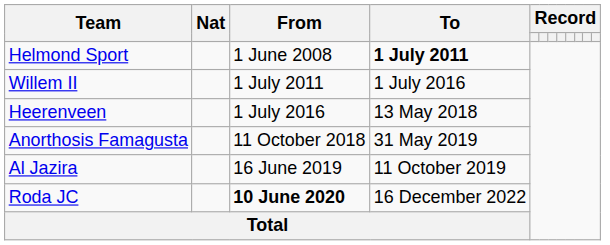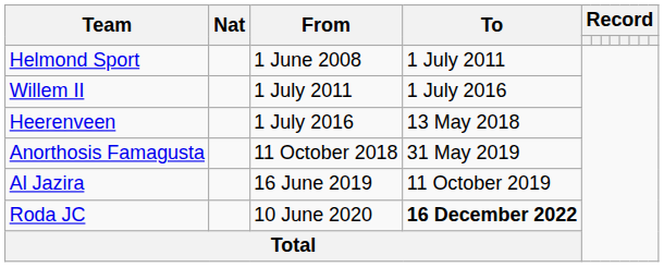 <table class=wikitable style=text-align:center>
 <tr>
 <th rowspan="2">Team</th>
 <th rowspan="2">Nat</th>
 <th rowspan="2">From</th>
 <th rowspan="2">To</th>
 <th colspan="8">Record</th>
 </tr>
 <tr>
 <th></th>
 <th></th>
 <th></th>
 <th></th>
 <th></th>
 <th></th>
 <th></th>
 <th></th>
 </tr>
 <tr>
 <td align=left><a href='#'>Helmond Sport</a></td>
 <td></td>
 <td align=left>1 June 2008</td>
-<td align=left><strong>1 July 2011<br></strong></td>
+<td align=left>1 July 2011<br></td>
 </tr>
 <tr>
 <td align=left><a href='#'>Willem II</a></td>
 <td></td>
 <td align=left>1 July 2011</td>
 <td align=left>1 July 2016<br></td>
 </tr>
 <tr>
 <td align=left><a href='#'>Heerenveen</a></td>
 <td></td>
 <td align=left>1 July 2016</td>
 <td align=left>13 May 2018<br></td>
 </tr>
 <tr>
 <td align=left><a href='#'>Anorthosis Famagusta</a></td>
 <td></td>
 <td align=left>11 October 2018</td>
 <td align=left>31 May 2019<br></td>
 </tr>
 <tr>
 <td align=left><a href='#'>Al Jazira</a></td>
 <td></td>
 <td align=left>16 June 2019</td>
 <td align=left>11 October 2019<br></td>
 </tr>
 <tr>
 <td align=left><a href='#'>Roda JC</a></td>
 <td></td>
-<td align=left><strong>10 June 2020</strong></td>
-<td align=left>16 December 2022<br></td>
+<td align=left>10 June 2020</td>
+<td align=left><strong>16 December 2022<br></strong></td>
 </tr>
 <tr>
 <th colspan="4">Total<br></th>
 </tr>
 </table>
